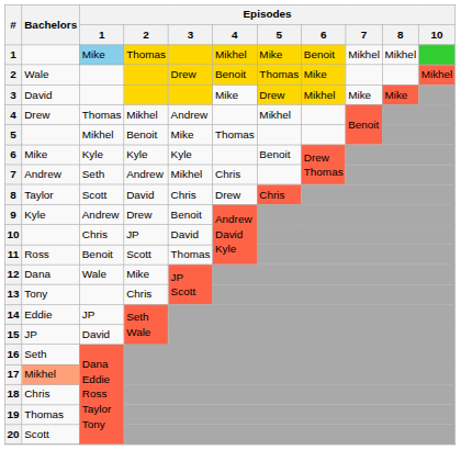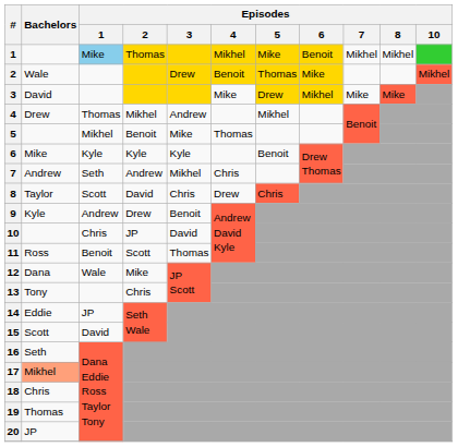 <table class="wikitable" style="line-height:22px" style="text-align:center">
 <tr>
 <th rowspan=2>#</th>
 <th rowspan=2>Bachelors</th>
 <th colspan=9>Episodes</th>
 </tr>
 <tr>
 <th>1</th>
 <th>2</th>
 <th>3</th>
 <th>4</th>
 <th>5</th>
 <th>6</th>
 <th>7</th>
 <th>8</th>
 <th>10</th>
 </tr>
 <tr>
 <th>1</th>
 <td></td>
 <td bgcolor="skyblue">Mike</td>
 <td bgcolor="gold">Thomas</td>
 <td bgcolor="gold"></td>
 <td bgcolor="gold">Mikhel</td>
 <td bgcolor="gold">Mike</td>
 <td bgcolor="gold">Benoit</td>
 <td bgcolor="">Mikhel</td>
 <td bgcolor="">Mikhel</td>
 <td bgcolor="limegreen"></td>
 </tr>
 <tr>
 <th>2</th>
 <td>Wale</td>
 <td></td>
 <td bgcolor="gold"></td>
 <td bgcolor="gold">Drew</td>
 <td bgcolor="gold">Benoit</td>
 <td bgcolor="gold">Thomas</td>
 <td bgcolor="gold">Mike</td>
 <td bgcolor=""></td>
 <td bgcolor=""></td>
 <td bgcolor="tomato">Mikhel</td>
 </tr>
 <tr>
 <th>3</th>
 <td>David</td>
 <td></td>
 <td bgcolor="gold"></td>
 <td bgcolor="gold"></td>
 <td>Mike</td>
 <td bgcolor="gold">Drew</td>
 <td bgcolor="gold">Mikhel</td>
 <td>Mike</td>
 <td bgcolor="tomato">Mike</td>
 <td bgcolor="A9A9A9"></td>
 </tr>
 <tr>
 <th>4</th>
 <td>Drew</td>
 <td>Thomas</td>
 <td>Mikhel</td>
 <td>Andrew</td>
 <td></td>
 <td>Mikhel</td>
 <td></td>
 <td rowspan="2" bgcolor="tomato">Benoit<br></td>
 <td colspan="2" bgcolor="A9A9A9"></td>
 </tr>
 <tr>
 <th>5</th>
 <td></td>
 <td>Mikhel</td>
 <td>Benoit</td>
 <td>Mike</td>
 <td>Thomas</td>
 <td></td>
 <td></td>
 <td colspan="2" bgcolor="A9A9A9"></td>
 </tr>
 <tr>
 <th>6</th>
 <td>Mike</td>
 <td>Kyle</td>
 <td>Kyle</td>
 <td>Kyle</td>
 <td></td>
 <td>Benoit</td>
 <td rowspan="2" bgcolor="tomato">Drew<br>Thomas</td>
 <td colspan="3" bgcolor="A9A9A9"></td>
 </tr>
 <tr>
 <th>7</th>
 <td>Andrew</td>
 <td>Seth</td>
 <td>Andrew</td>
 <td>Mikhel</td>
 <td>Chris</td>
 <td></td>
 <td colspan="3" bgcolor="A9A9A9"></td>
 </tr>
 <tr>
 <th>8</th>
 <td>Taylor</td>
 <td>Scott</td>
 <td>David</td>
 <td>Chris</td>
 <td>Drew</td>
 <td bgcolor="tomato">Chris</td>
 <td colspan="4" bgcolor="A9A9A9"></td>
 </tr>
 <tr>
 <th>9</th>
 <td>Kyle</td>
 <td>Andrew</td>
 <td>Drew</td>
 <td>Benoit</td>
 <td rowspan="3" bgcolor="tomato">Andrew<br>David<br>Kyle</td>
 <td colspan="5" bgcolor="A9A9A9"></td>
 </tr>
 <tr>
 <th>10</th>
 <td></td>
 <td>Chris</td>
 <td>JP</td>
 <td>David</td>
 <td colspan="5" bgcolor="A9A9A9"></td>
 </tr>
 <tr>
 <th>11</th>
 <td>Ross</td>
 <td>Benoit</td>
 <td>Scott</td>
 <td>Thomas</td>
 <td colspan="5" bgcolor="A9A9A9"></td>
 </tr>
 <tr>
 <th>12</th>
 <td>Dana</td>
 <td>Wale</td>
 <td>Mike</td>
 <td rowspan="2" bgcolor="tomato">JP<br>Scott</td>
 <td colspan="6" bgcolor="A9A9A9"></td>
 </tr>
 <tr>
 <th>13</th>
 <td>Tony</td>
 <td></td>
 <td>Chris</td>
 <td colspan="6" bgcolor="A9A9A9"></td>
 </tr>
 <tr>
 <th>14</th>
 <td>Eddie</td>
 <td>JP</td>
 <td rowspan="2" bgcolor="tomato">Seth<br>Wale</td>
 <td colspan="7" bgcolor="A9A9A9"></td>
 </tr>
 <tr>
 <th>15</th>
-<td>JP</td>
+<td>Scott</td>
 <td>David</td>
 <td colspan="7" bgcolor="A9A9A9"></td>
 </tr>
 <tr>
 <th>16</th>
 <td>Seth</td>
 <td rowspan="5" bgcolor="tomato">Dana<br>Eddie<br>Ross<br>Taylor<br>Tony</td>
 <td colspan="8" bgcolor="A9A9A9"></td>
 </tr>
 <tr>
 <th>17</th>
 <td style="background: lightsalmon;">Mikhel</td>
 <td colspan="8" bgcolor="A9A9A9"></td>
 </tr>
 <tr>
 <th>18</th>
 <td>Chris</td>
 <td colspan="8" bgcolor="A9A9A9"></td>
 </tr>
 <tr>
 <th>19</th>
 <td>Thomas</td>
 <td colspan="8" bgcolor="A9A9A9"></td>
 </tr>
 <tr>
 <th>20</th>
-<td>Scott</td>
+<td>JP</td>
 <td colspan="8" bgcolor="A9A9A9"></td>
 </tr>
 <tr>
 </tr>
 </table>
